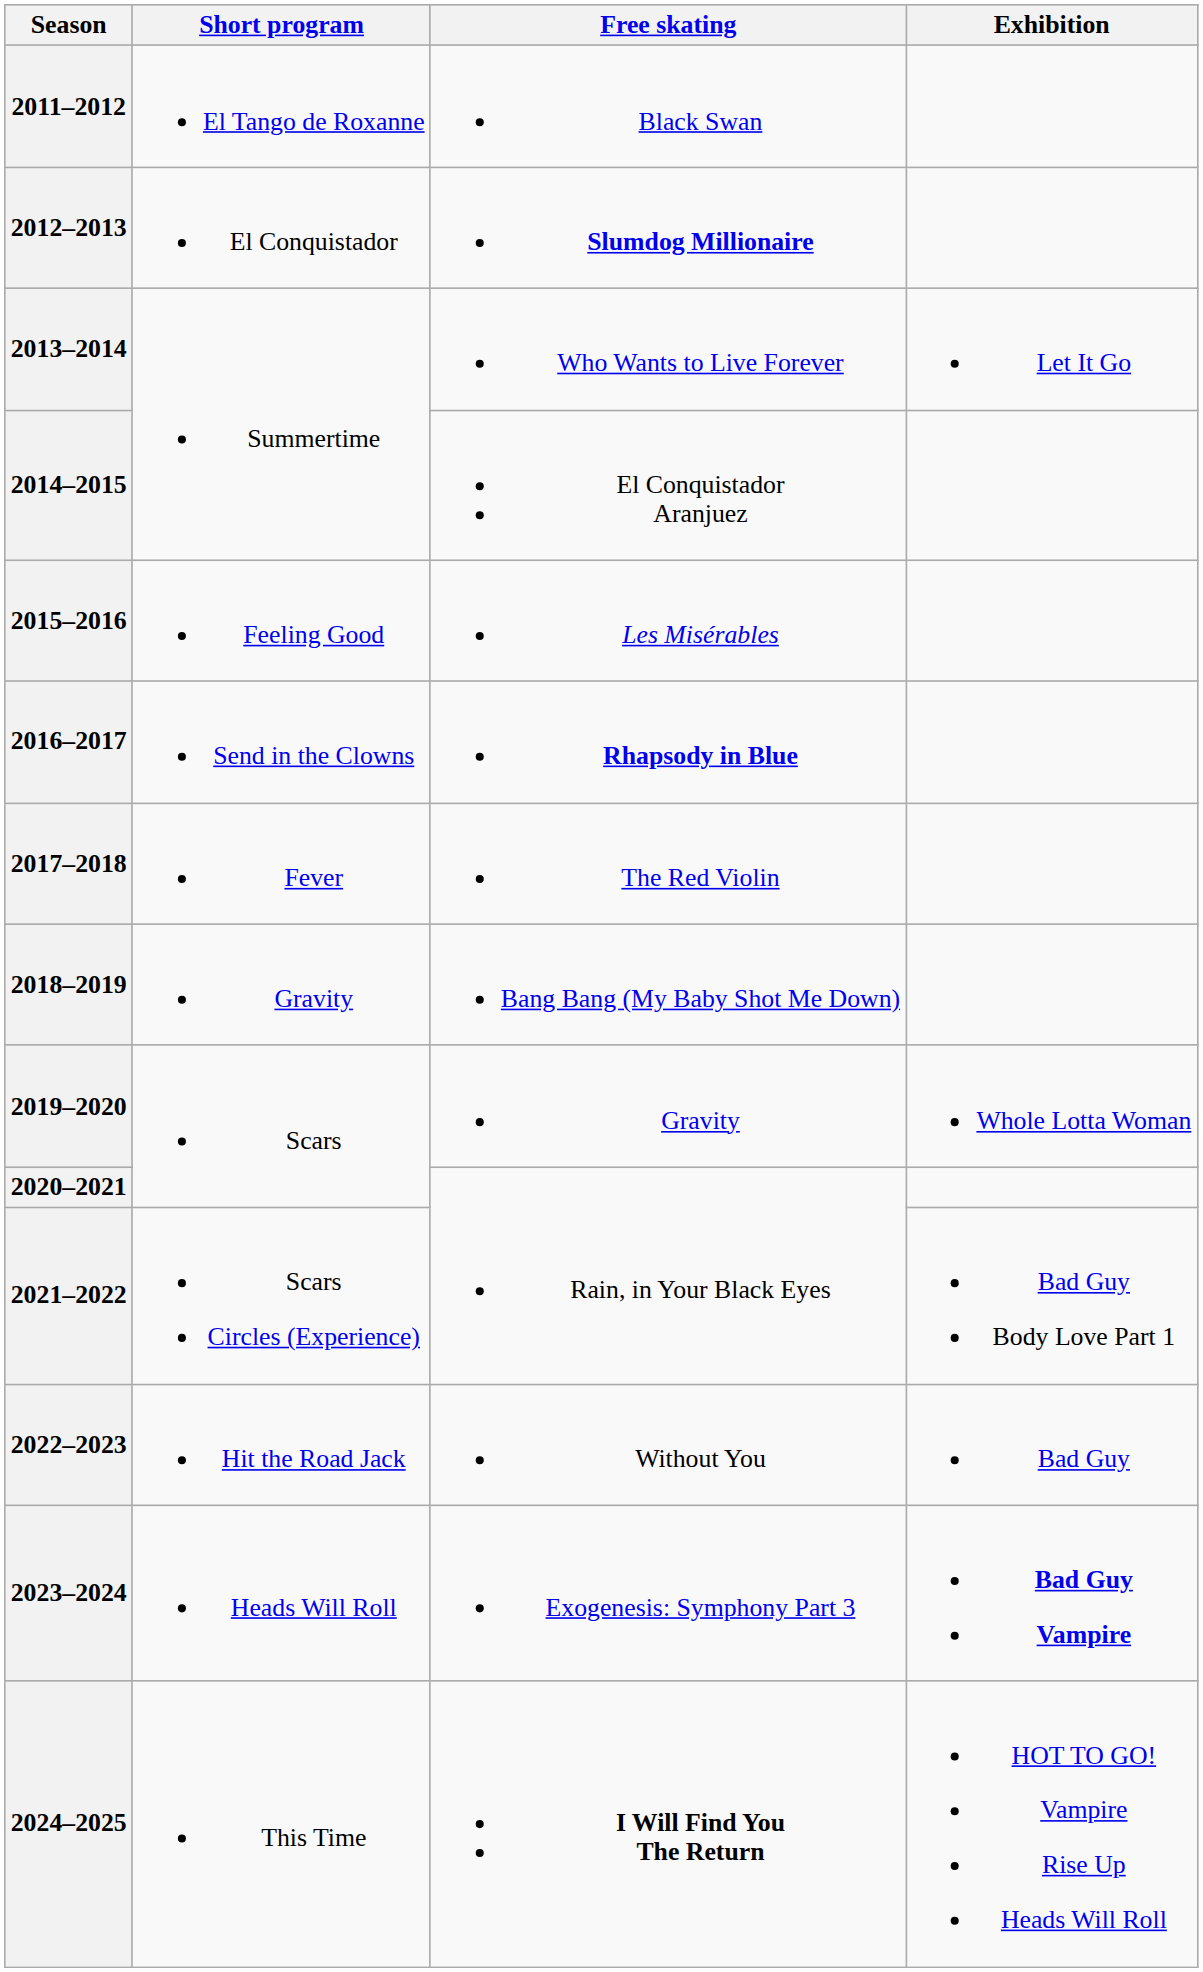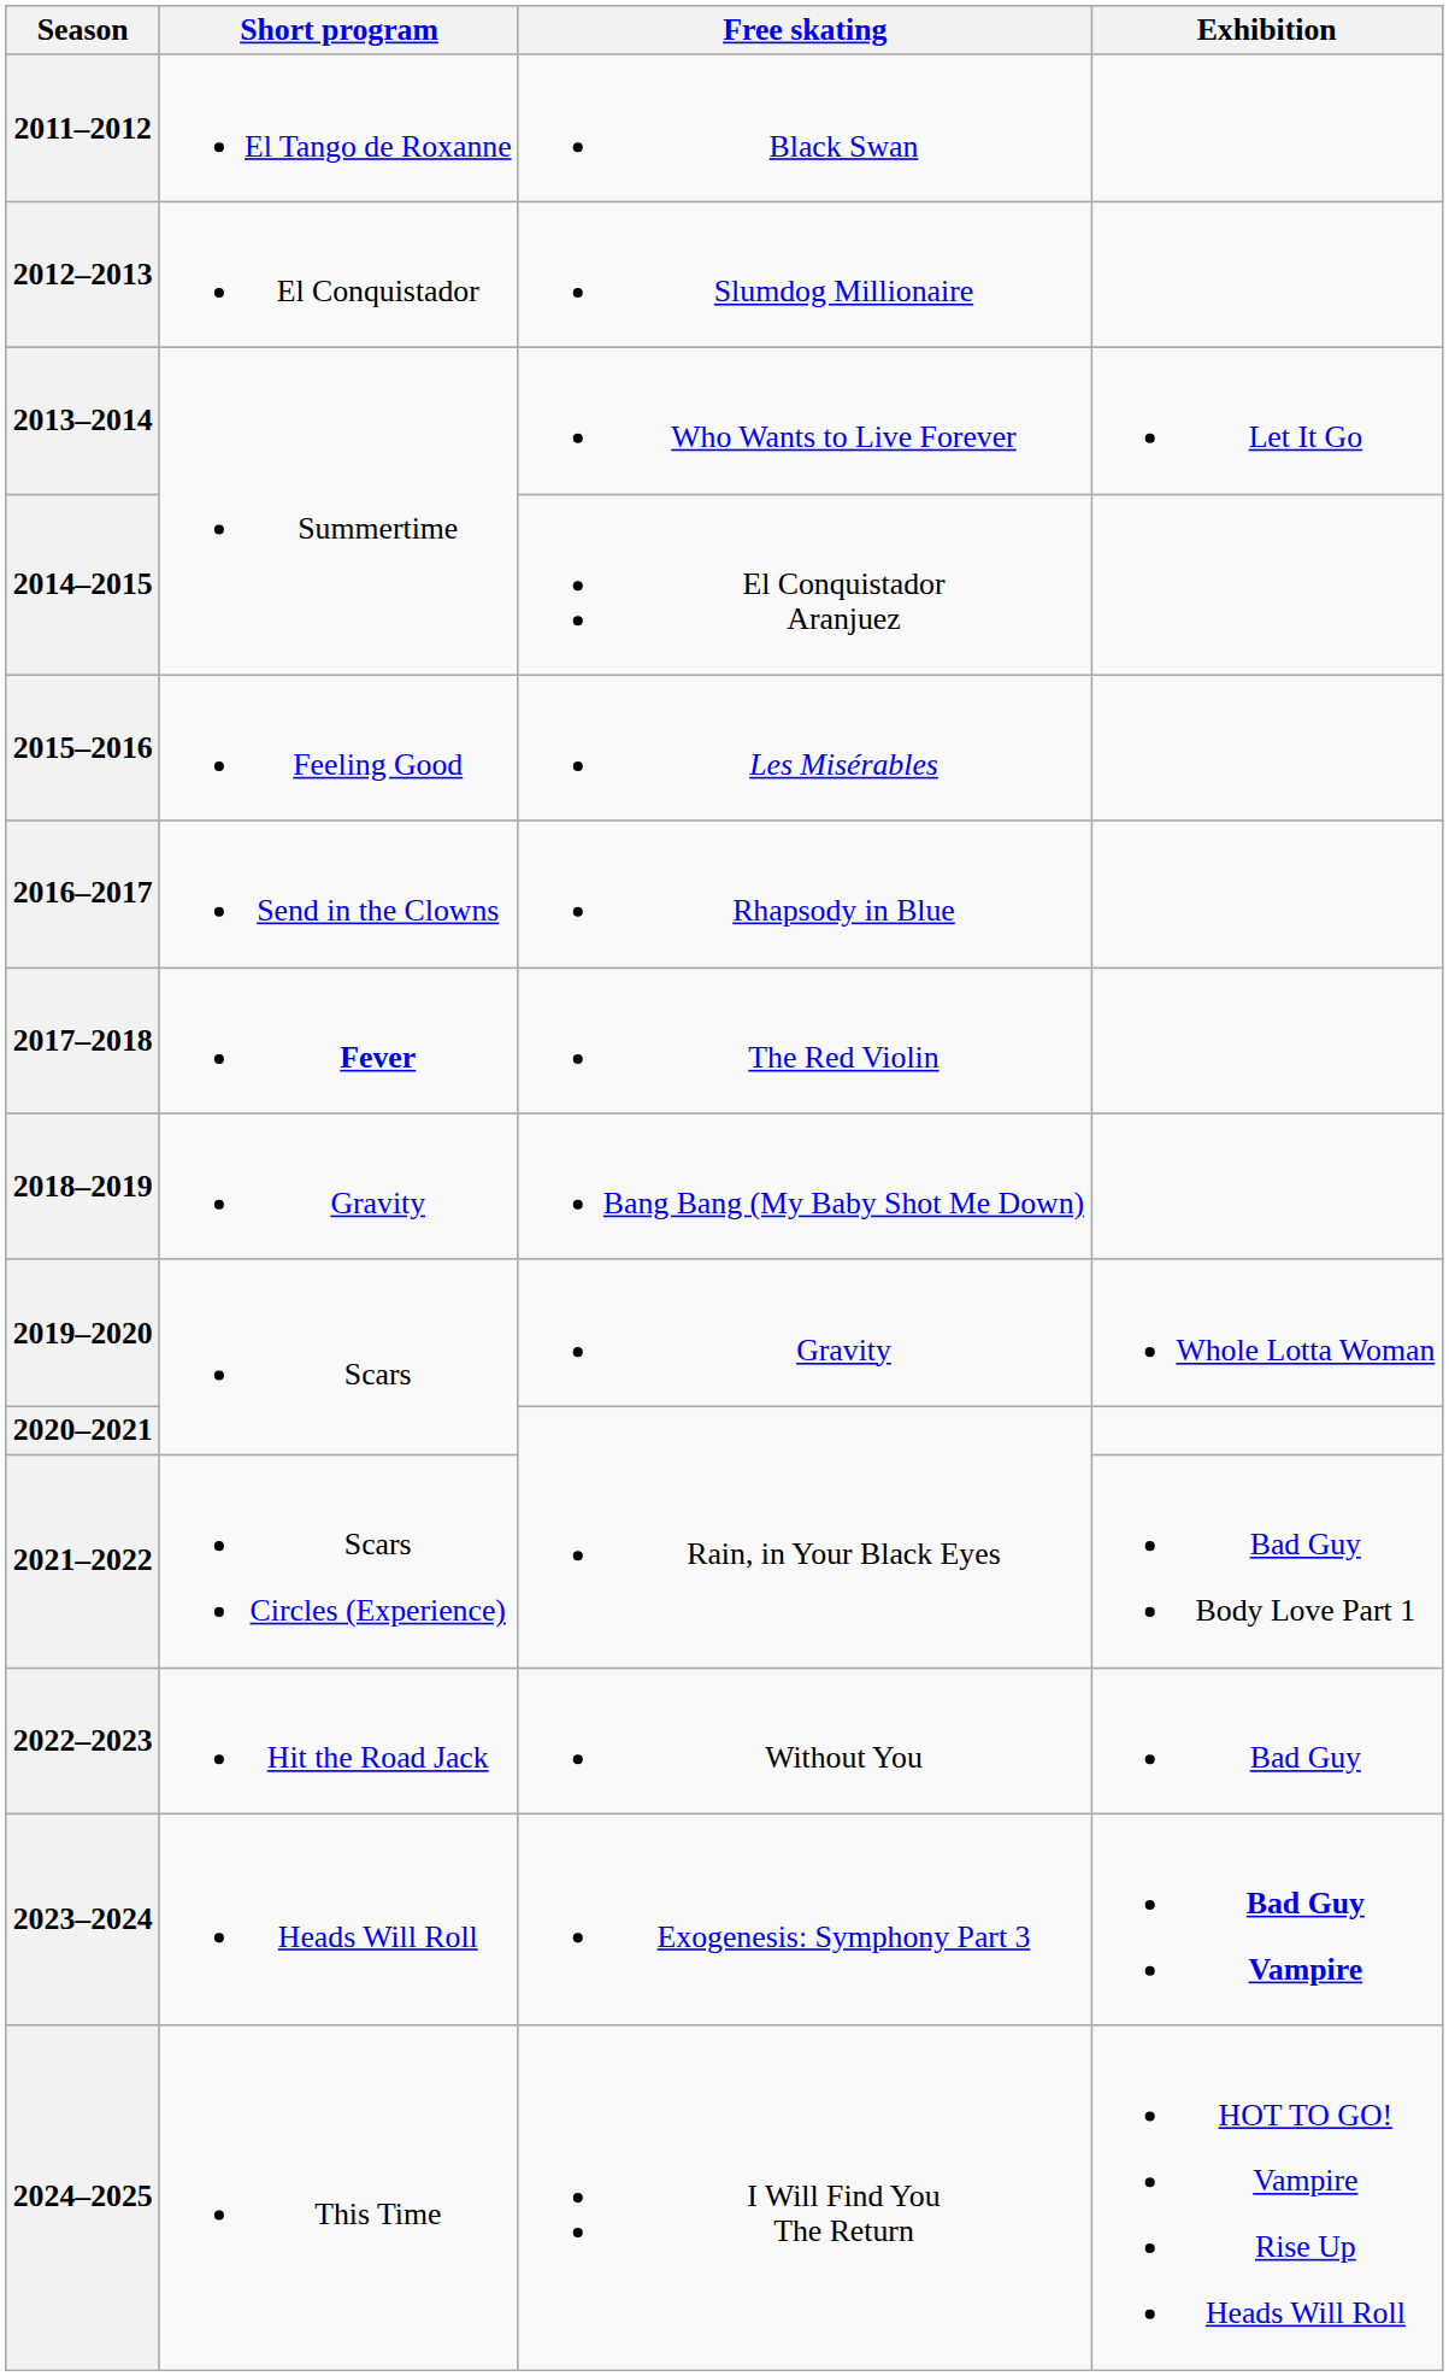 <table class=wikitable style=text-align:center>
 <tr>
 <th>Season</th>
 <th><a href='#'>Short program</a></th>
 <th><a href='#'>Free skating</a></th>
 <th>Exhibition</th>
 </tr>
 <tr>
 <th>2011–2012 <br> </th>
 <td><br><ul><li><a href='#'>El Tango de Roxanne</a> <br></li></ul></td>
 <td><br><ul><li><a href='#'>Black Swan</a> <br></li></ul></td>
 <td></td>
 </tr>
 <tr>
 <th>2012–2013 <br> </th>
 <td><br><ul><li>El Conquistador <br></li></ul></td>
-<td><strong><br><ul><li><a href='#'>Slumdog Millionaire</a> <br></li></ul></strong></td>
+<td><br><ul><li><a href='#'>Slumdog Millionaire</a> <br></li></ul></td>
 <td></td>
 </tr>
 <tr>
 <th>2013–2014 <br> </th>
 <td rowspan=2><br><ul><li>Summertime <br></li></ul></td>
 <td><br><ul><li><a href='#'>Who Wants to Live Forever</a> <br></li></ul></td>
 <td><br><ul><li><a href='#'>Let It Go</a> <br></li></ul></td>
 </tr>
 <tr>
 <th>2014–2015 <br> </th>
 <td><br><ul><li>El Conquistador <br></li><li>Aranjuez <br></li></ul></td>
 <td></td>
 </tr>
 <tr>
 <th>2015–2016 <br> </th>
 <td><br><ul><li><a href='#'>Feeling Good</a> <br></li></ul></td>
 <td><br><ul><li><em><a href='#'>Les Misérables</a></em> <br></li></ul></td>
 <td></td>
 </tr>
 <tr>
 <th>2016–2017 <br> </th>
 <td><br><ul><li><a href='#'>Send in the Clowns</a> <br></li></ul></td>
-<td><strong><br><ul><li><a href='#'>Rhapsody in Blue</a> <br></li></ul></strong></td>
+<td><br><ul><li><a href='#'>Rhapsody in Blue</a> <br></li></ul></td>
 <td></td>
 </tr>
 <tr>
 <th>2017–2018 <br> </th>
-<td><br><ul><li><a href='#'>Fever</a> <br></li></ul></td>
+<td><strong><br><ul><li><a href='#'>Fever</a> <br></li></ul></strong></td>
 <td><br><ul><li><a href='#'>The Red Violin</a> <br></li></ul></td>
 <td></td>
 </tr>
 <tr>
 <th>2018–2019 <br></th>
 <td><br><ul><li><a href='#'>Gravity</a> <br></li></ul></td>
 <td><br><ul><li><a href='#'>Bang Bang (My Baby Shot Me Down)</a> <br></li></ul></td>
 <td></td>
 </tr>
 <tr>
 <th>2019–2020 <br> </th>
 <td rowspan= 2><br><ul><li>Scars <br></li></ul></td>
 <td><br><ul><li><a href='#'>Gravity</a> <br></li></ul></td>
 <td><br><ul><li><a href='#'>Whole Lotta Woman</a> <br></li></ul></td>
 </tr>
 <tr>
 <th>2020–2021 <br> </th>
 <td rowspan=2><br><ul><li>Rain, in Your Black Eyes <br></li></ul></td>
 <td></td>
 </tr>
 <tr>
 <th>2021–2022 <br> </th>
 <td><br><ul><li>Scars <br></li></ul><ul><li><a href='#'>Circles (Experience)</a> <br> </li></ul></td>
 <td><br><ul><li><a href='#'>Bad Guy</a> <br> </li></ul><ul><li>Body Love Part 1 <br> </li></ul></td>
 </tr>
 <tr>
 <th>2022–2023 <br> </th>
 <td><br><ul><li><a href='#'>Hit the Road Jack</a><br></li></ul></td>
 <td><br><ul><li>Without You<br></li></ul></td>
 <td><br><ul><li><a href='#'>Bad Guy</a> <br> </li></ul></td>
 </tr>
 <tr>
 <th>2023–2024 <br> </th>
 <td><br><ul><li><a href='#'>Heads Will Roll</a><br></li></ul></td>
 <td><br><ul><li><a href='#'>Exogenesis: Symphony Part 3</a> <br></li></ul></td>
 <td><strong><br><ul><li><a href='#'>Bad Guy</a> <br> </li></ul><ul><li><a href='#'>Vampire</a> <br> </li></ul></strong></td>
 </tr>
 <tr>
 <th>2024–2025 <br> </th>
 <td><br><ul><li>This Time <br></li></ul></td>
-<td><strong><br><ul><li>I Will Find You <br></li><li>The Return <br></li></ul></strong></td>
+<td><br><ul><li>I Will Find You <br></li><li>The Return <br></li></ul></td>
 <td><br><ul><li><a href='#'>HOT TO GO!</a> <br> </li></ul><ul><li><a href='#'>Vampire</a> <br> </li></ul><ul><li><a href='#'>Rise Up</a> <br> </li></ul><ul><li><a href='#'>Heads Will Roll</a><br></li></ul></td>
 </tr>
 </table>
